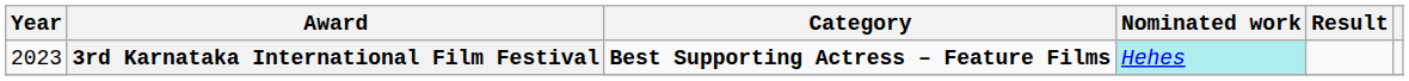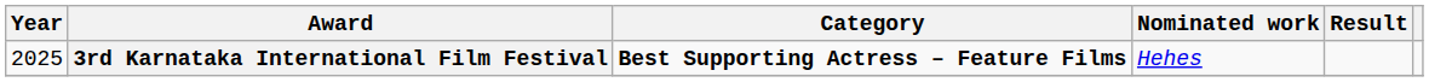 <table class="wikitable plainrowheaders sortable">
 <tr>
 <th scope="col">Year</th>
 <th scope="col">Award</th>
 <th scope="col">Category</th>
 <th scope="col">Nominated work</th>
 <th scope="col">Result</th>
 <th scope="col" class="unsortable"></th>
 </tr>
 <tr>
-<td>2023</td>
+<td>2025</td>
 <th scope="row" rowspan="3">3rd Karnataka International Film Festival</th>
 <td><strong>Best Supporting Actress – Feature Films</strong></td>
-<td style="background: paleturquoise;"><em><a href='#'>Hehes</a></em></td>
+<td><em><a href='#'>Hehes</a></em></td>
 <td></td>
 <td style="text-align:center;"></td>
 </tr>
 <tr>
 </tr>
 </table>
